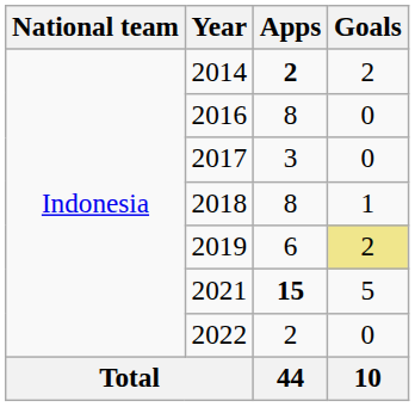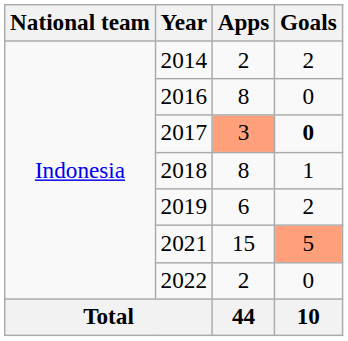 <table class="wikitable" style="text-align:center">
 <tr>
 <th>National team</th>
 <th>Year</th>
 <th>Apps</th>
 <th>Goals</th>
 </tr>
 <tr>
 <td rowspan="7"><a href='#'>Indonesia</a></td>
 <td>2014</td>
-<td><strong>2</strong></td>
+<td>2</td>
 <td>2</td>
 </tr>
 <tr>
 <td>2016</td>
 <td>8</td>
 <td>0</td>
 </tr>
 <tr>
 <td>2017</td>
-<td>3</td>
-<td>0</td>
+<td style="background: lightsalmon;">3</td>
+<td><strong>0</strong></td>
 </tr>
 <tr>
 <td>2018</td>
 <td>8</td>
 <td>1</td>
 </tr>
 <tr>
 <td>2019</td>
 <td>6</td>
-<td style="background: khaki;">2</td>
+<td>2</td>
 </tr>
 <tr>
 <td>2021</td>
-<td><strong>15</strong></td>
-<td>5</td>
+<td>15</td>
+<td style="background: lightsalmon;">5</td>
 </tr>
 <tr>
 <td>2022</td>
 <td>2</td>
 <td>0</td>
 </tr>
 <tr>
 <th colspan=2>Total</th>
 <th>44</th>
 <th>10</th>
 </tr>
 </table>
